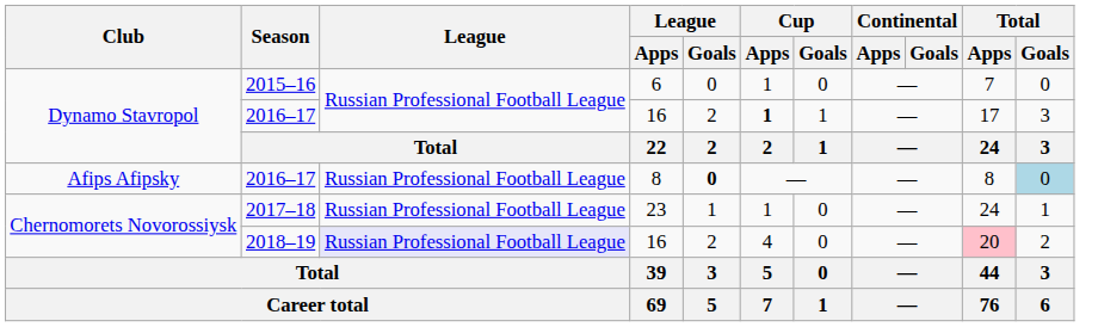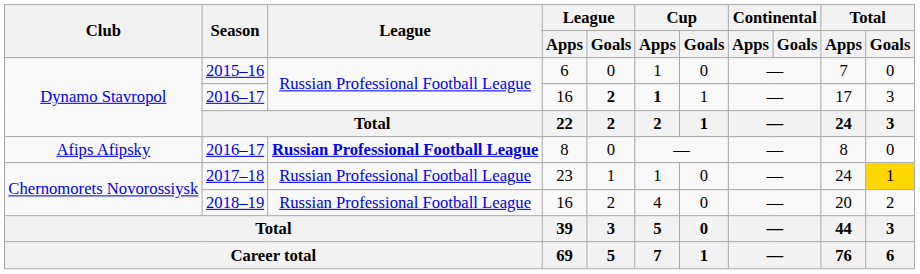 <table class="wikitable" style="text-align:center">
 <tr>
 <th rowspan="2">Club</th>
 <th rowspan="2">Season</th>
 <th rowspan="2">League</th>
 <th colspan="2">League</th>
 <th colspan="2">Cup</th>
 <th colspan="2">Continental</th>
 <th colspan="2">Total</th>
 </tr>
 <tr>
 <th>Apps</th>
 <th>Goals</th>
 <th>Apps</th>
 <th>Goals</th>
 <th>Apps</th>
 <th>Goals</th>
 <th>Apps</th>
 <th>Goals</th>
 </tr>
 <tr>
 <td rowspan="3"><a href='#'>Dynamo Stavropol</a></td>
 <td><a href='#'>2015–16</a></td>
 <td rowspan="2"><a href='#'>Russian Professional Football League</a></td>
 <td>6</td>
 <td>0</td>
 <td>1</td>
 <td>0</td>
 <td colspan=2>—</td>
 <td>7</td>
 <td>0</td>
 </tr>
 <tr>
 <td><a href='#'>2016–17</a></td>
 <td>16</td>
-<td>2</td>
+<td><strong>2</strong></td>
 <td><strong>1</strong></td>
 <td>1</td>
 <td colspan=2>—</td>
 <td>17</td>
 <td>3</td>
 </tr>
 <tr>
 <th colspan=2>Total</th>
 <th>22</th>
 <th>2</th>
 <th>2</th>
 <th>1</th>
 <th colspan=2>—</th>
 <th>24</th>
 <th>3</th>
 </tr>
 <tr>
 <td rowspan="1"><a href='#'>Afips Afipsky</a></td>
 <td><a href='#'>2016–17</a></td>
-<td><a href='#'>Russian Professional Football League</a></td>
+<td><strong><a href='#'>Russian Professional Football League</a></strong></td>
 <td>8</td>
-<td><strong>0</strong></td>
+<td>0</td>
 <td colspan=2>—</td>
 <td colspan=2>—</td>
 <td>8</td>
-<td style="background: lightblue;">0</td>
+<td>0</td>
 </tr>
 <tr>
 <td rowspan="2"><a href='#'>Chernomorets Novorossiysk</a></td>
 <td><a href='#'>2017–18</a></td>
 <td><a href='#'>Russian Professional Football League</a></td>
 <td>23</td>
 <td>1</td>
 <td>1</td>
 <td>0</td>
 <td colspan=2>—</td>
 <td>24</td>
-<td>1</td>
+<td style="background: gold;">1</td>
 </tr>
 <tr>
 <td><a href='#'>2018–19</a></td>
-<td style="background: lavender;"><a href='#'>Russian Professional Football League</a></td>
+<td><a href='#'>Russian Professional Football League</a></td>
 <td>16</td>
 <td>2</td>
 <td>4</td>
 <td>0</td>
 <td colspan=2>—</td>
-<td style="background: pink;">20</td>
+<td>20</td>
 <td>2</td>
 </tr>
 <tr>
 <th colspan=3>Total</th>
 <th>39</th>
 <th>3</th>
 <th>5</th>
 <th>0</th>
 <th colspan=2>—</th>
 <th>44</th>
 <th>3</th>
 </tr>
 <tr>
 <th colspan=3>Career total</th>
 <th>69</th>
 <th>5</th>
 <th>7</th>
 <th>1</th>
 <th colspan=2>—</th>
 <th>76</th>
 <th>6</th>
 </tr>
 </table>
